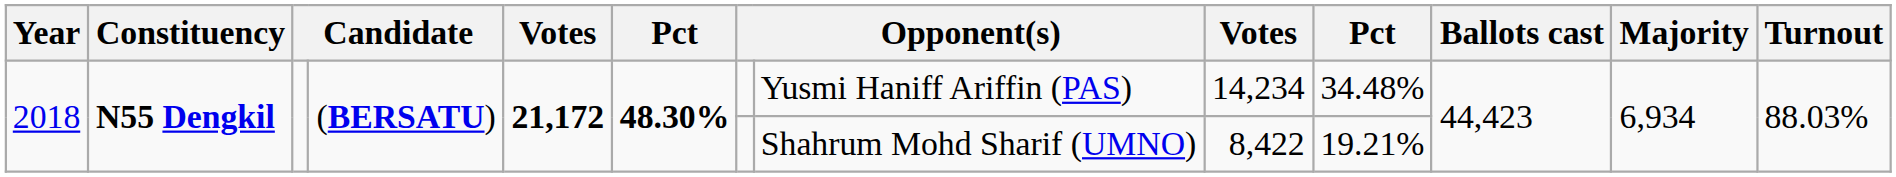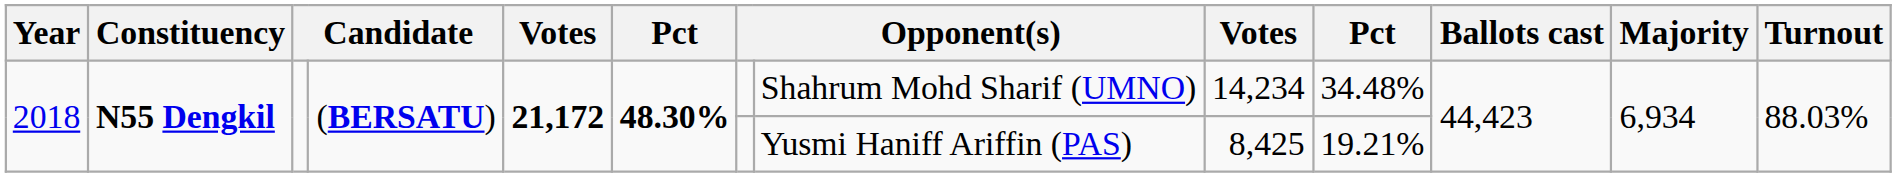 <table class="wikitable" style="margin:0.5em ; font-size:95%">
 <tr>
 <th>Year</th>
 <th>Constituency</th>
 <th colspan=2>Candidate</th>
 <th>Votes</th>
 <th>Pct</th>
 <th colspan=2>Opponent(s)</th>
 <th>Votes</th>
 <th>Pct</th>
 <th>Ballots cast</th>
 <th>Majority</th>
 <th>Turnout</th>
 </tr>
 <tr>
 <td rowspan=2><a href='#'>2018</a></td>
 <td rowspan=2><strong>N55 <a href='#'>Dengkil</a></strong></td>
 <td rowspan=2 ></td>
 <td rowspan=2> (<a href='#'><strong>BERSATU</strong></a>)</td>
 <td rowspan=2 align="right"><strong>21,172</strong></td>
 <td rowspan=2><strong>48.30%</strong></td>
 <td></td>
-<td>Yusmi Haniff Ariffin (<a href='#'>PAS</a>)</td>
+<td>Shahrum Mohd Sharif (<a href='#'>UMNO</a>)</td>
 <td align="right">14,234</td>
 <td>34.48%</td>
 <td rowspan=2>44,423</td>
 <td rowspan=2>6,934</td>
 <td rowspan=2>88.03%</td>
 </tr>
 <tr>
 <td></td>
-<td>Shahrum Mohd Sharif (<a href='#'>UMNO</a>)</td>
-<td align="right">8,422</td>
+<td>Yusmi Haniff Ariffin (<a href='#'>PAS</a>)</td>
+<td align="right">8,425</td>
 <td>19.21%</td>
 </tr>
 </table>
